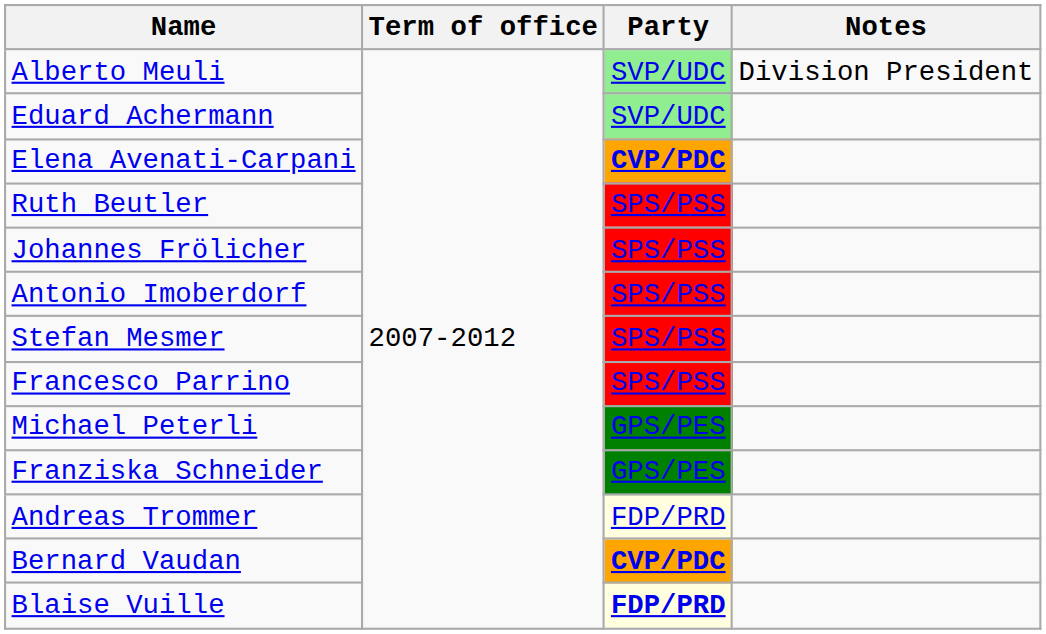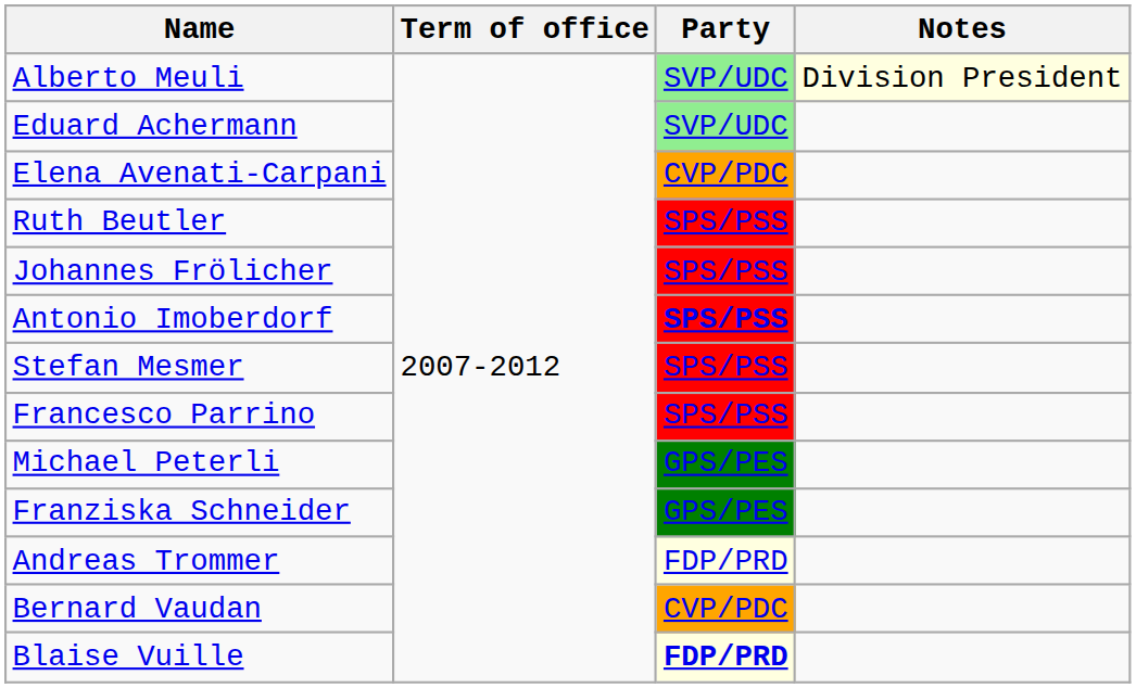 <table class="wikitable">
 <tr>
 <th>Name</th>
 <th>Term of office</th>
 <th>Party</th>
 <th>Notes</th>
 </tr>
 <tr>
 <td><a href='#'>Alberto Meuli</a></td>
 <td rowspan="13">2007-2012</td>
 <td style="background:lightgreen"><a href='#'>SVP/UDC</a></td>
-<td>Division President</td>
+<td style="background: lightyellow;">Division President</td>
 </tr>
 <tr>
 <td><a href='#'>Eduard Achermann</a></td>
 <td style="background:lightgreen"><a href='#'>SVP/UDC</a></td>
 <td></td>
 </tr>
 <tr>
 <td><a href='#'>Elena Avenati-Carpani</a></td>
-<td style="background:orange"><strong><a href='#'>CVP/PDC</a></strong></td>
+<td style="background:orange"><a href='#'>CVP/PDC</a></td>
 <td></td>
 </tr>
 <tr>
 <td><a href='#'>Ruth Beutler</a></td>
 <td style="background:red"><a href='#'>SPS/PSS</a></td>
 <td></td>
 </tr>
 <tr>
 <td><a href='#'>Johannes Frölicher</a></td>
 <td style="background:red"><a href='#'>SPS/PSS</a></td>
 <td></td>
 </tr>
 <tr>
 <td><a href='#'>Antonio Imoberdorf</a></td>
-<td style="background:red"><a href='#'>SPS/PSS</a></td>
+<td style="background:red"><strong><a href='#'>SPS/PSS</a></strong></td>
 <td></td>
 </tr>
 <tr>
 <td><a href='#'>Stefan Mesmer</a></td>
 <td style="background:red"><a href='#'>SPS/PSS</a></td>
 <td></td>
 </tr>
 <tr>
 <td><a href='#'>Francesco Parrino</a></td>
 <td style="background:red"><a href='#'>SPS/PSS</a></td>
 <td></td>
 </tr>
 <tr>
 <td><a href='#'>Michael Peterli</a></td>
 <td style="background:green"><a href='#'>GPS/PES</a></td>
 <td></td>
 </tr>
 <tr>
 <td><a href='#'>Franziska Schneider</a></td>
 <td style="background:green"><a href='#'>GPS/PES</a></td>
 <td></td>
 </tr>
 <tr>
 <td><a href='#'>Andreas Trommer</a></td>
 <td style="background:lightyellow"><a href='#'>FDP/PRD</a></td>
 <td></td>
 </tr>
 <tr>
 <td><a href='#'>Bernard Vaudan</a></td>
-<td style="background:orange"><strong><a href='#'>CVP/PDC</a></strong></td>
+<td style="background:orange"><a href='#'>CVP/PDC</a></td>
 <td></td>
 </tr>
 <tr>
 <td><a href='#'>Blaise Vuille</a></td>
 <td style="background:lightyellow"><strong><a href='#'>FDP/PRD</a></strong></td>
 <td></td>
 </tr>
 </table>
